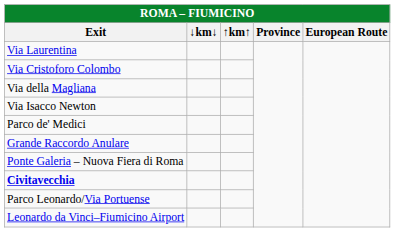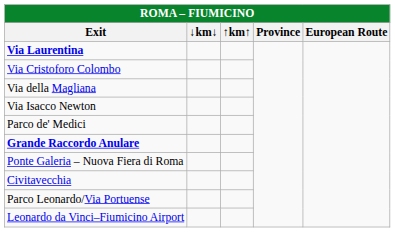 <table class="wikitable">
 <tr align="center" bgcolor="08842C" style="color: white;">
 <td colspan="6"> <strong>ROMA – FIUMICINO</strong></td>
 </tr>
 <tr>
 <th>Exit</th>
 <th><strong>↓km↓</strong></th>
 <th><strong>↑km↑</strong></th>
 <th>Province</th>
 <th>European Route</th>
 </tr>
 <tr>
-<td> <a href='#'>Via Laurentina</a></td>
+<td><strong> <a href='#'>Via Laurentina</a></strong></td>
 <td align="right"></td>
 <td align="right"></td>
 <td rowspan="10"></td>
 <td rowspan="10"></td>
 </tr>
 <tr>
 <td> <a href='#'>Via Cristoforo Colombo</a></td>
 <td align="right"></td>
 <td align="right"></td>
 </tr>
 <tr>
 <td> Via della <a href='#'>Magliana</a></td>
 <td align="right"></td>
 <td align="right"></td>
 </tr>
 <tr>
 <td> Via Isacco Newton</td>
 <td align="right"></td>
 <td align="right"></td>
 </tr>
 <tr>
 <td> Parco de' Medici</td>
 <td align="right"></td>
 <td align="right"></td>
 </tr>
 <tr>
-<td>   <a href='#'>Grande Raccordo Anulare</a></td>
+<td><strong>   <a href='#'>Grande Raccordo Anulare</a></strong></td>
 <td align="right"></td>
 <td align="right"></td>
 </tr>
 <tr>
 <td> <a href='#'>Ponte Galeria</a> – Nuova Fiera di Roma</td>
 <td align="right"></td>
 <td align="right"></td>
 </tr>
 <tr>
-<td><strong>   <a href='#'>Civitavecchia</a></strong></td>
+<td>   <a href='#'>Civitavecchia</a></td>
 <td align="right"></td>
 <td align="right"></td>
 </tr>
 <tr>
 <td> Parco Leonardo/<a href='#'>Via Portuense</a></td>
 <td align="right"></td>
 <td align="right"></td>
 </tr>
 <tr>
 <td>  <a href='#'>Leonardo da Vinci–Fiumicino Airport</a></td>
 <td align="right"></td>
 <td align="right"></td>
 </tr>
 </table>
